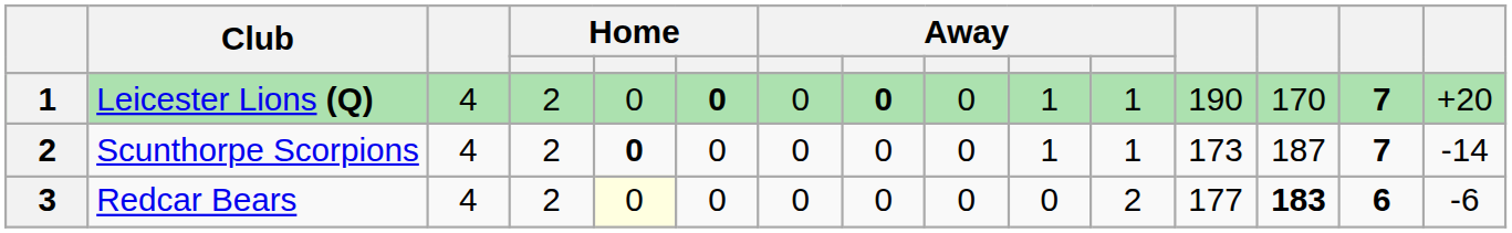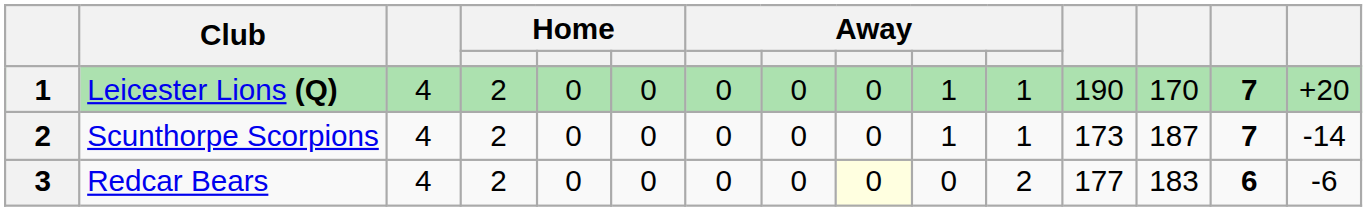 <table class="wikitable" style="text-align:center; font-size:85%">
 <tr>
 <th rowspan="2" style="width:28px;"></th>
 <th rowspan=2>Club</th>
 <th rowspan="2" style="width:28px;"></th>
 <th colspan=3>Home</th>
 <th colspan=5>Away</th>
 <th rowspan="2" style="width:28px;"></th>
 <th rowspan="2" style="width:28px;"></th>
 <th rowspan="2" style="width:28px;"></th>
 <th rowspan="2" style="width:28px;"></th>
 </tr>
 <tr>
 <th width=28></th>
 <th width=28></th>
 <th width=28></th>
 <th width=28></th>
 <th width=28></th>
 <th width=28></th>
 <th width=28></th>
 <th width=28></th>
 </tr>
 <tr style="background:#ACE1AF">
 <th>1</th>
 <td align=left><a href='#'>Leicester Lions</a> <strong>(Q)</strong></td>
 <td>4</td>
 <td>2</td>
 <td>0</td>
-<td><strong>0</strong></td>
 <td>0</td>
-<td><strong>0</strong></td>
+<td>0</td>
+<td>0</td>
 <td>0</td>
 <td>1</td>
 <td>1</td>
 <td>190</td>
 <td>170</td>
 <td><strong>7</strong></td>
 <td>+20</td>
 </tr>
 <tr>
 <th>2</th>
 <td align=left><a href='#'>Scunthorpe Scorpions</a></td>
 <td>4</td>
 <td>2</td>
-<td><strong>0</strong></td>
+<td>0</td>
 <td>0</td>
 <td>0</td>
 <td>0</td>
 <td>0</td>
 <td>1</td>
 <td>1</td>
 <td>173</td>
 <td>187</td>
 <td><strong>7</strong></td>
 <td>-14</td>
 </tr>
 <tr>
 <th>3</th>
 <td align=left><a href='#'>Redcar Bears</a></td>
 <td>4</td>
 <td>2</td>
-<td style="background: lightyellow;">0</td>
 <td>0</td>
 <td>0</td>
 <td>0</td>
 <td>0</td>
+<td style="background: lightyellow;">0</td>
 <td>0</td>
 <td>2</td>
 <td>177</td>
-<td><strong>183</strong></td>
+<td>183</td>
 <td><strong>6</strong></td>
 <td>-6</td>
 </tr>
 </table>
